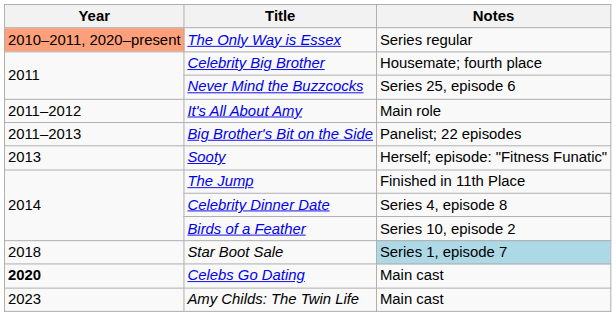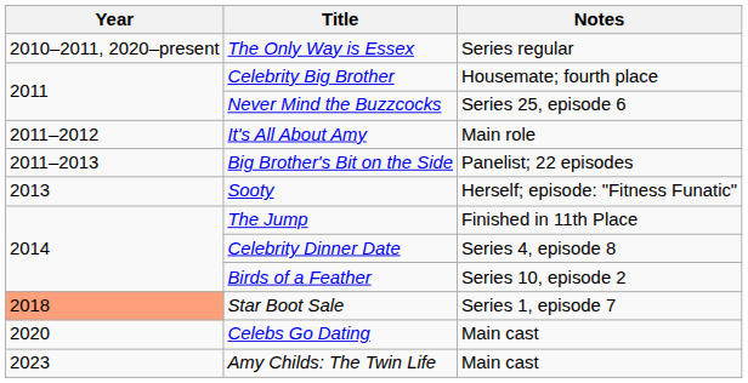 <table class="wikitable sortable">
 <tr>
 <th>Year</th>
 <th>Title</th>
 <th>Notes</th>
 </tr>
 <tr>
-<td style="background: lightsalmon;">2010–2011, 2020–present</td>
+<td>2010–2011, 2020–present</td>
 <td><em><a href='#'>The Only Way is Essex</a></em></td>
 <td>Series regular</td>
 </tr>
 <tr>
 <td rowspan="2">2011</td>
 <td><em><a href='#'>Celebrity Big Brother</a></em></td>
 <td>Housemate; fourth place</td>
 </tr>
 <tr>
 <td><em><a href='#'>Never Mind the Buzzcocks</a></em></td>
 <td>Series 25, episode 6</td>
 </tr>
 <tr>
 <td>2011–2012</td>
 <td><em><a href='#'>It's All About Amy</a></em></td>
 <td>Main role</td>
 </tr>
 <tr>
 <td>2011–2013</td>
 <td><em><a href='#'>Big Brother's Bit on the Side</a></em></td>
 <td>Panelist; 22 episodes</td>
 </tr>
 <tr>
 <td>2013</td>
 <td><em><a href='#'>Sooty</a></em></td>
 <td>Herself; episode: "Fitness Funatic"</td>
 </tr>
 <tr>
 <td rowspan="3">2014</td>
 <td><em><a href='#'>The Jump</a></em></td>
 <td>Finished in 11th Place</td>
 </tr>
 <tr>
 <td><em><a href='#'>Celebrity Dinner  Date</a></em></td>
 <td>Series 4, episode 8</td>
 </tr>
 <tr>
 <td><em><a href='#'>Birds of a Feather</a></em></td>
 <td>Series 10, episode 2</td>
 </tr>
 <tr>
-<td>2018</td>
+<td style="background: lightsalmon;">2018</td>
 <td><em>Star Boot Sale</em></td>
-<td style="background: lightblue;">Series 1, episode 7</td>
+<td>Series 1, episode 7</td>
 </tr>
 <tr>
-<td><strong>2020</strong></td>
+<td>2020</td>
 <td><em><a href='#'>Celebs Go Dating</a></em></td>
 <td>Main cast</td>
 </tr>
 <tr>
 <td>2023</td>
 <td><em>Amy Childs: The Twin Life</em></td>
 <td>Main cast</td>
 </tr>
 </table>
